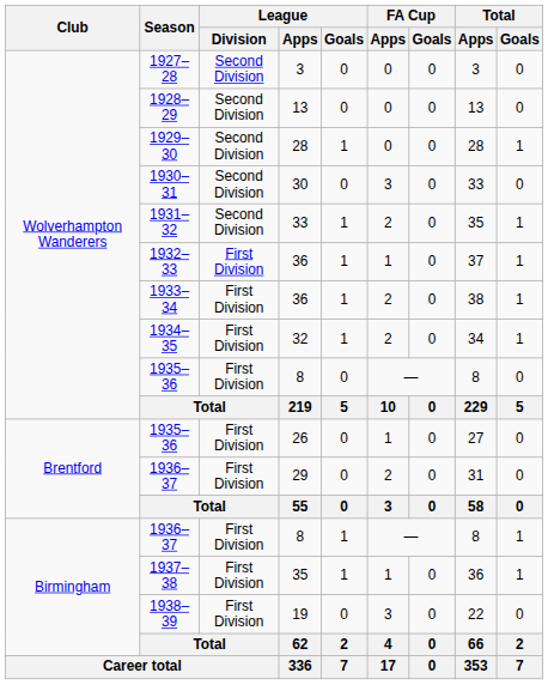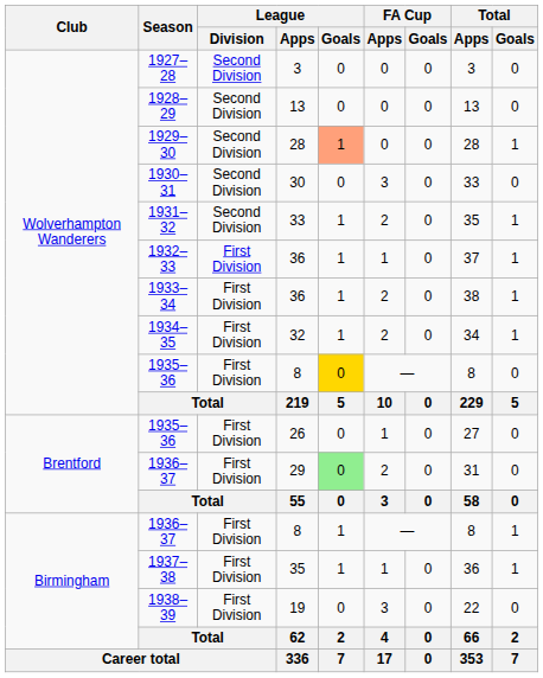 <table class="wikitable" style="text-align: center;">
 <tr>
 <th rowspan="2">Club</th>
 <th rowspan="2">Season</th>
 <th colspan="3">League</th>
 <th colspan="2">FA Cup</th>
 <th colspan="2">Total</th>
 </tr>
 <tr>
 <th>Division</th>
 <th>Apps</th>
 <th>Goals</th>
 <th>Apps</th>
 <th>Goals</th>
 <th>Apps</th>
 <th>Goals</th>
 </tr>
 <tr>
 <td rowspan="10"><a href='#'>Wolverhampton Wanderers</a></td>
 <td><a href='#'>1927–28</a></td>
 <td><a href='#'>Second Division</a></td>
 <td>3</td>
 <td>0</td>
 <td>0</td>
 <td>0</td>
 <td>3</td>
 <td>0</td>
 </tr>
 <tr>
 <td><a href='#'>1928–29</a></td>
 <td>Second Division</td>
 <td>13</td>
 <td>0</td>
 <td>0</td>
 <td>0</td>
 <td>13</td>
 <td>0</td>
 </tr>
 <tr>
 <td><a href='#'>1929–30</a></td>
 <td>Second Division</td>
 <td>28</td>
-<td>1</td>
+<td style="background: lightsalmon;">1</td>
 <td>0</td>
 <td>0</td>
 <td>28</td>
 <td>1</td>
 </tr>
 <tr>
 <td><a href='#'>1930–31</a></td>
 <td>Second Division</td>
 <td>30</td>
 <td>0</td>
 <td>3</td>
 <td>0</td>
 <td>33</td>
 <td>0</td>
 </tr>
 <tr>
 <td><a href='#'>1931–32</a></td>
 <td>Second Division</td>
 <td>33</td>
 <td>1</td>
 <td>2</td>
 <td>0</td>
 <td>35</td>
 <td>1</td>
 </tr>
 <tr>
 <td><a href='#'>1932–33</a></td>
 <td><a href='#'>First Division</a></td>
 <td>36</td>
 <td>1</td>
 <td>1</td>
 <td>0</td>
 <td>37</td>
 <td>1</td>
 </tr>
 <tr>
 <td><a href='#'>1933–34</a></td>
 <td>First Division</td>
 <td>36</td>
 <td>1</td>
 <td>2</td>
 <td>0</td>
 <td>38</td>
 <td>1</td>
 </tr>
 <tr>
 <td><a href='#'>1934–35</a></td>
 <td>First Division</td>
 <td>32</td>
 <td>1</td>
 <td>2</td>
 <td>0</td>
 <td>34</td>
 <td>1</td>
 </tr>
 <tr>
 <td><a href='#'>1935–36</a></td>
 <td>First Division</td>
 <td>8</td>
-<td>0</td>
+<td style="background: gold;">0</td>
 <td colspan="2">—</td>
 <td>8</td>
 <td>0</td>
 </tr>
 <tr>
 <th colspan="2">Total</th>
 <th>219</th>
 <th>5</th>
 <th>10</th>
 <th>0</th>
 <th>229</th>
 <th>5</th>
 </tr>
 <tr>
 <td rowspan="3"><a href='#'>Brentford</a></td>
 <td><a href='#'>1935–36</a></td>
 <td>First Division</td>
 <td>26</td>
 <td>0</td>
 <td>1</td>
 <td>0</td>
 <td>27</td>
 <td>0</td>
 </tr>
 <tr>
 <td><a href='#'>1936–37</a></td>
 <td>First Division</td>
 <td>29</td>
-<td>0</td>
+<td style="background: lightgreen;">0</td>
 <td>2</td>
 <td>0</td>
 <td>31</td>
 <td>0</td>
 </tr>
 <tr>
 <th colspan="2">Total</th>
 <th>55</th>
 <th>0</th>
 <th>3</th>
 <th>0</th>
 <th>58</th>
 <th>0</th>
 </tr>
 <tr>
 <td rowspan="4"><a href='#'>Birmingham</a></td>
 <td><a href='#'>1936–37</a></td>
 <td>First Division</td>
 <td>8</td>
 <td>1</td>
 <td colspan="2">—</td>
 <td>8</td>
 <td>1</td>
 </tr>
 <tr>
 <td><a href='#'>1937–38</a></td>
 <td>First Division</td>
 <td>35</td>
 <td>1</td>
 <td>1</td>
 <td>0</td>
 <td>36</td>
 <td>1</td>
 </tr>
 <tr>
 <td><a href='#'>1938–39</a></td>
 <td>First Division</td>
 <td>19</td>
 <td>0</td>
 <td>3</td>
 <td>0</td>
 <td>22</td>
 <td>0</td>
 </tr>
 <tr>
 <th colspan="2">Total</th>
 <th>62</th>
 <th>2</th>
 <th>4</th>
 <th>0</th>
 <th>66</th>
 <th>2</th>
 </tr>
 <tr>
 <th colspan="3">Career total</th>
 <th>336</th>
 <th>7</th>
 <th>17</th>
 <th>0</th>
 <th>353</th>
 <th>7</th>
 </tr>
 </table>
